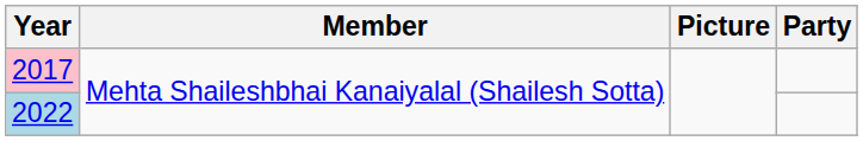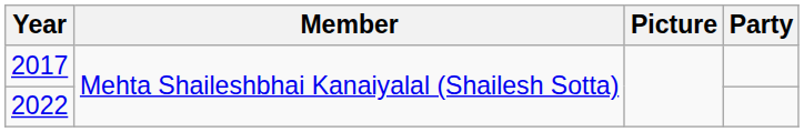 <table class="wikitable sortable">
 <tr>
 <th>Year</th>
 <th>Member</th>
 <th>Picture</th>
 <th colspan="2">Party</th>
 </tr>
 <tr>
-<td style="background: pink;"><a href='#'>2017</a></td>
+<td><a href='#'>2017</a></td>
 <td rowspan="2"><a href='#'>Mehta Shaileshbhai Kanaiyalal (Shailesh Sotta)</a></td>
 <td rowspan="2"></td>
 <td></td>
 </tr>
 <tr>
-<td style="background: lightblue;"><a href='#'>2022</a></td>
+<td><a href='#'>2022</a></td>
 </tr>
 </table>
